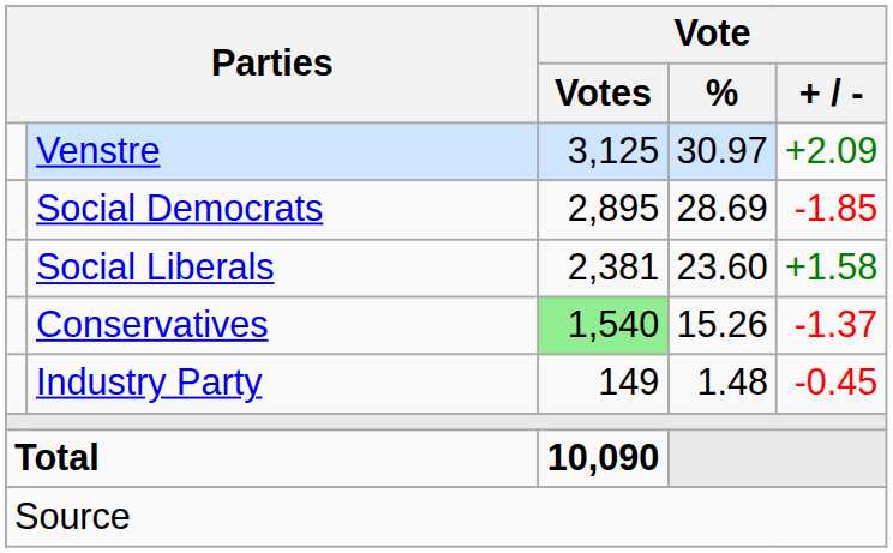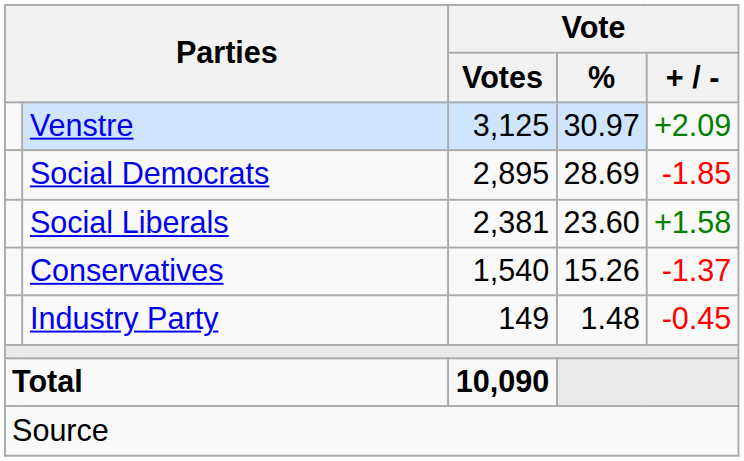 <table class="wikitable" style="text-align:right;">
 <tr>
 <th style="text-align:centre;" rowspan="2" colspan="2" width="225">Parties</th>
 <th colspan="3">Vote</th>
 </tr>
 <tr>
 <th width="15">Votes</th>
 <th width="15">%</th>
 <th width="15">+ / -</th>
 </tr>
 <tr>
 <td width="2" style="color:inherit;background:"></td>
 <td bgcolor=#cfe5fe  align="left"><a href='#'>Venstre</a></td>
 <td bgcolor=#cfe5fe>3,125</td>
 <td bgcolor=#cfe5fe>30.97</td>
 <td style=color:green;>+2.09</td>
 </tr>
 <tr>
 <td width="2" style="color:inherit;background:"></td>
 <td align="left"><a href='#'>Social Democrats</a></td>
 <td>2,895</td>
 <td>28.69</td>
 <td style=color:red;>-1.85</td>
 </tr>
 <tr>
 <td width="2" style="color:inherit;background:"></td>
 <td align="left"><a href='#'>Social Liberals</a></td>
 <td>2,381</td>
 <td>23.60</td>
 <td style=color:green;>+1.58</td>
 </tr>
 <tr>
 <td width="2" style="color:inherit;background:"></td>
 <td align="left"><a href='#'>Conservatives</a></td>
-<td style="background: lightgreen;">1,540</td>
+<td>1,540</td>
 <td>15.26</td>
 <td style=color:red;>-1.37</td>
 </tr>
 <tr>
 <td width="2" style="color:inherit;background:"></td>
 <td align="left"><a href='#'>Industry Party</a></td>
 <td>149</td>
 <td>1.48</td>
 <td style=color:red;>-0.45</td>
 </tr>
 <tr>
 <td colspan="7" bgcolor="#E9E9E9"></td>
 </tr>
 <tr>
 <td align="left" colspan="2"><strong>Total</strong></td>
 <td><strong>10,090</strong></td>
 <td bgcolor="#E9E9E9" colspan="2"></td>
 </tr>
 <tr>
 <td align="left" colspan="6">Source</td>
 </tr>
 </table>
